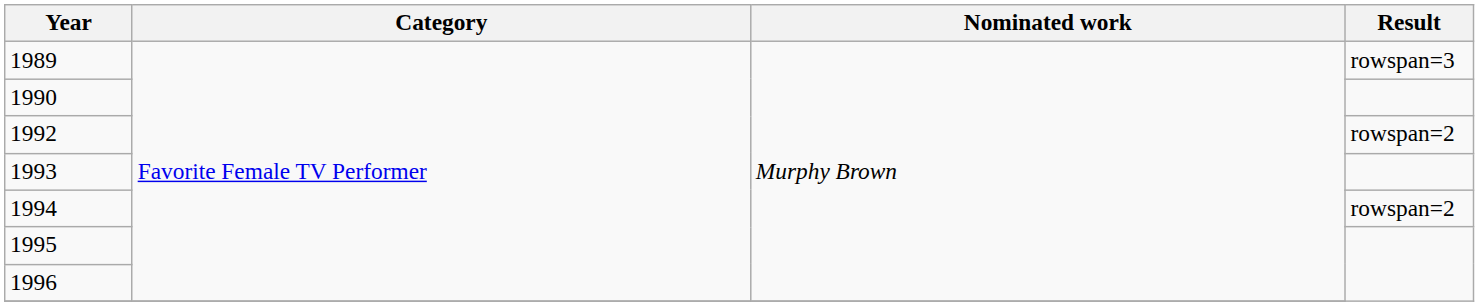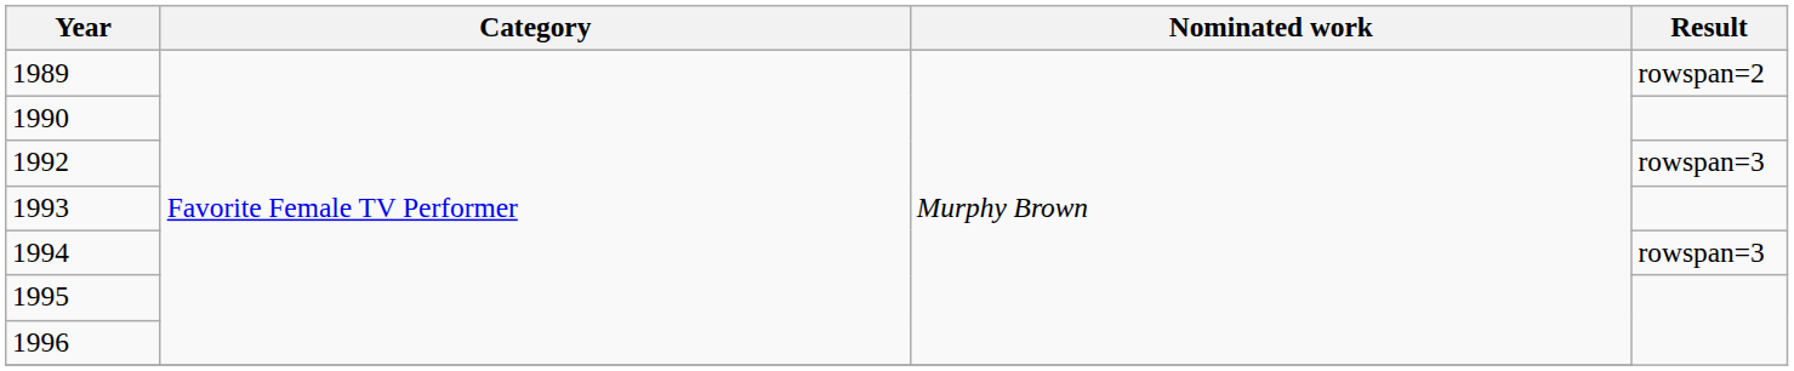 <table class=wikitable>
 <tr>
 <th scope="col" style="width:5em;">Year</th>
 <th scope="col" style="width:26em;">Category</th>
 <th scope="col" style="width:25em;">Nominated work</th>
 <th scope="col" style="width:5em;">Result</th>
 </tr>
 <tr>
 <td>1989</td>
 <td rowspan=7><a href='#'>Favorite Female TV Performer</a></td>
 <td rowspan=7><em>Murphy Brown</em></td>
-<td>rowspan=3 </td>
+<td>rowspan=2 </td>
 </tr>
 <tr>
 <td>1990</td>
 </tr>
 <tr>
 <td>1992</td>
-<td>rowspan=2 </td>
+<td>rowspan=3 </td>
 </tr>
 <tr>
 <td>1993</td>
 </tr>
 <tr>
 <td>1994</td>
-<td>rowspan=2 </td>
+<td>rowspan=3 </td>
 </tr>
 <tr>
 <td>1995</td>
 </tr>
 <tr>
 <td>1996</td>
 </tr>
 <tr>
 </tr>
 </table>
